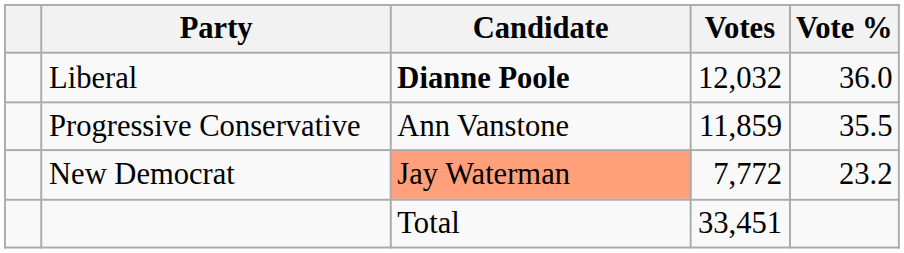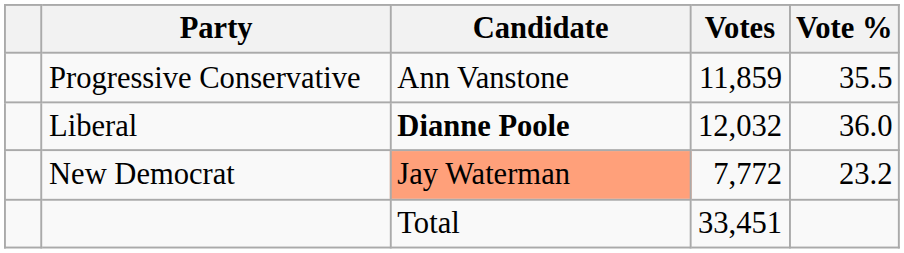 <table class="wikitable">
 <tr>
 <th></th>
 <th scope="col" width="175">Party</th>
 <th scope="col" width="150">Candidate</th>
 <th>Votes</th>
 <th>Vote %</th>
 </tr>
+<tr |>
+<td>   </td>
+<td>Progressive Conservative</td>
+<td>Ann Vanstone</td>
+<td align=right>11,859</td>
+<td align=right>35.5</td>
+</tr>
 <tr>
 <td>   </td>
 <td>Liberal</td>
 <td><strong>Dianne Poole</strong></td>
 <td align=right>12,032</td>
 <td align=right>36.0</td>
-</tr>
-<tr |>
-<td>   </td>
-<td>Progressive Conservative</td>
-<td>Ann Vanstone</td>
-<td align=right>11,859</td>
-<td align=right>35.5</td>
 </tr>
 <tr |>
 <td>   </td>
 <td>New Democrat</td>
 <td style="background: lightsalmon;">Jay Waterman</td>
 <td align=right>7,772</td>
 <td align=right>23.2<br> </td>
 </tr>
 <tr |>
 <td></td>
 <td></td>
 <td>Total</td>
 <td align=right>33,451</td>
 <td></td>
 </tr>
 </table>
